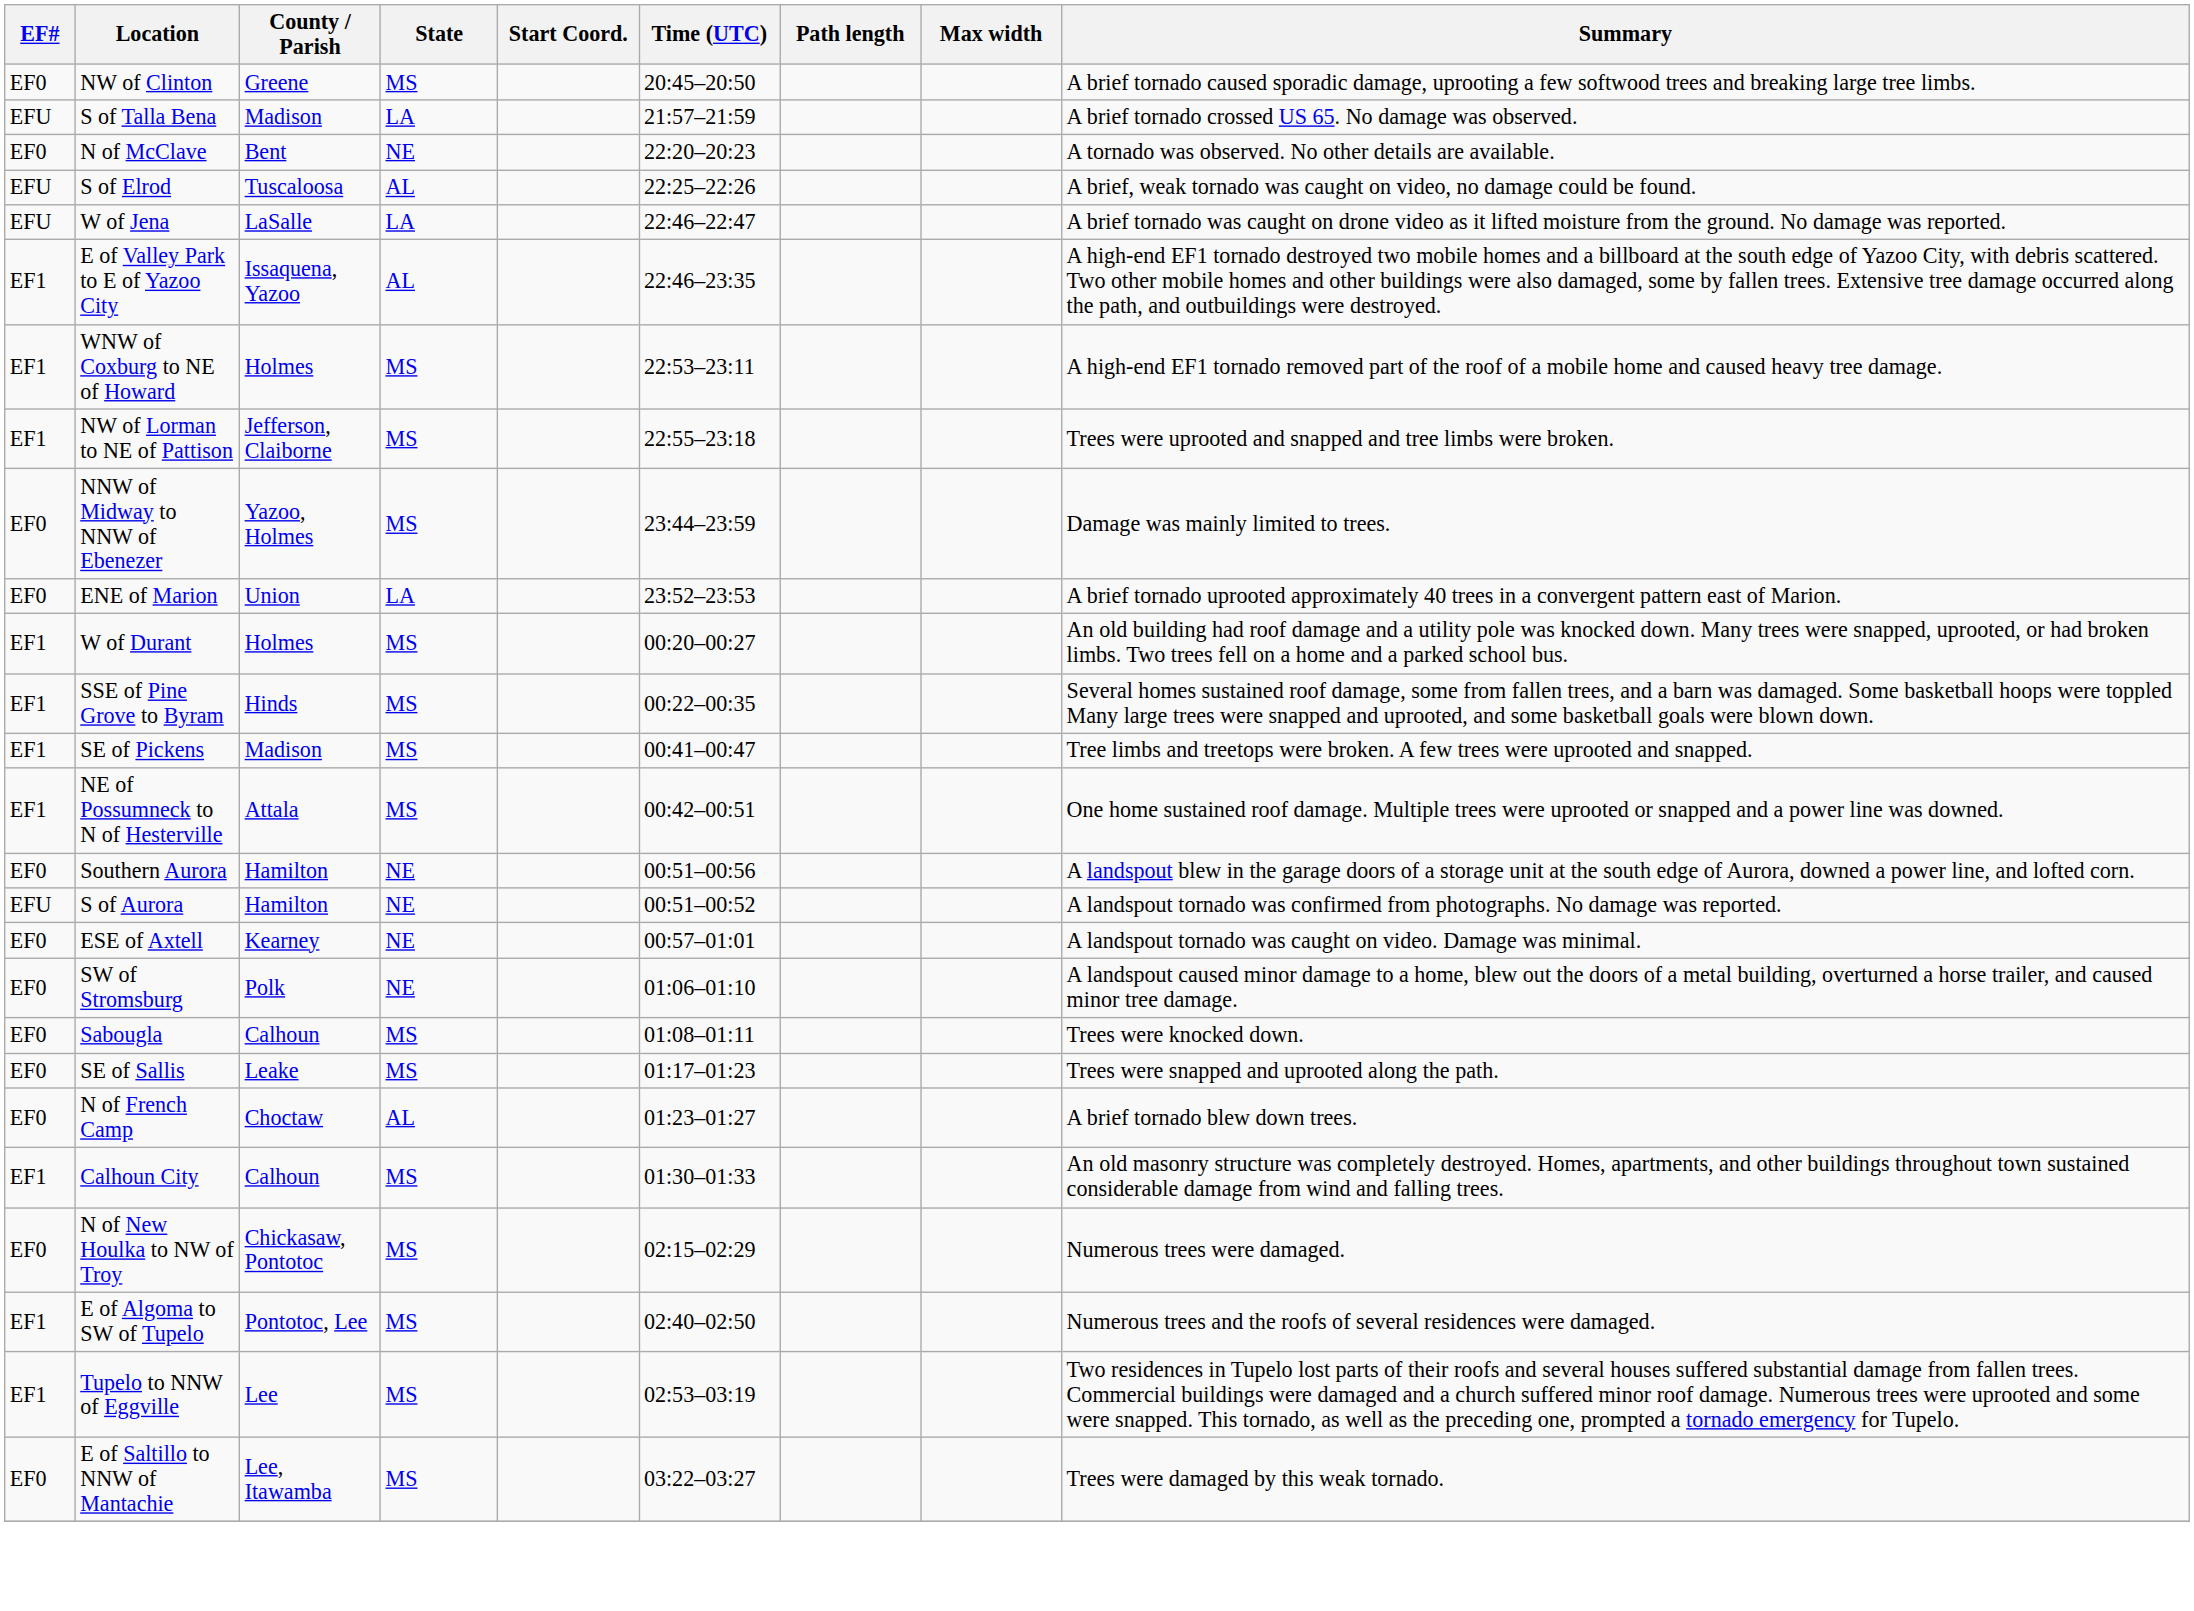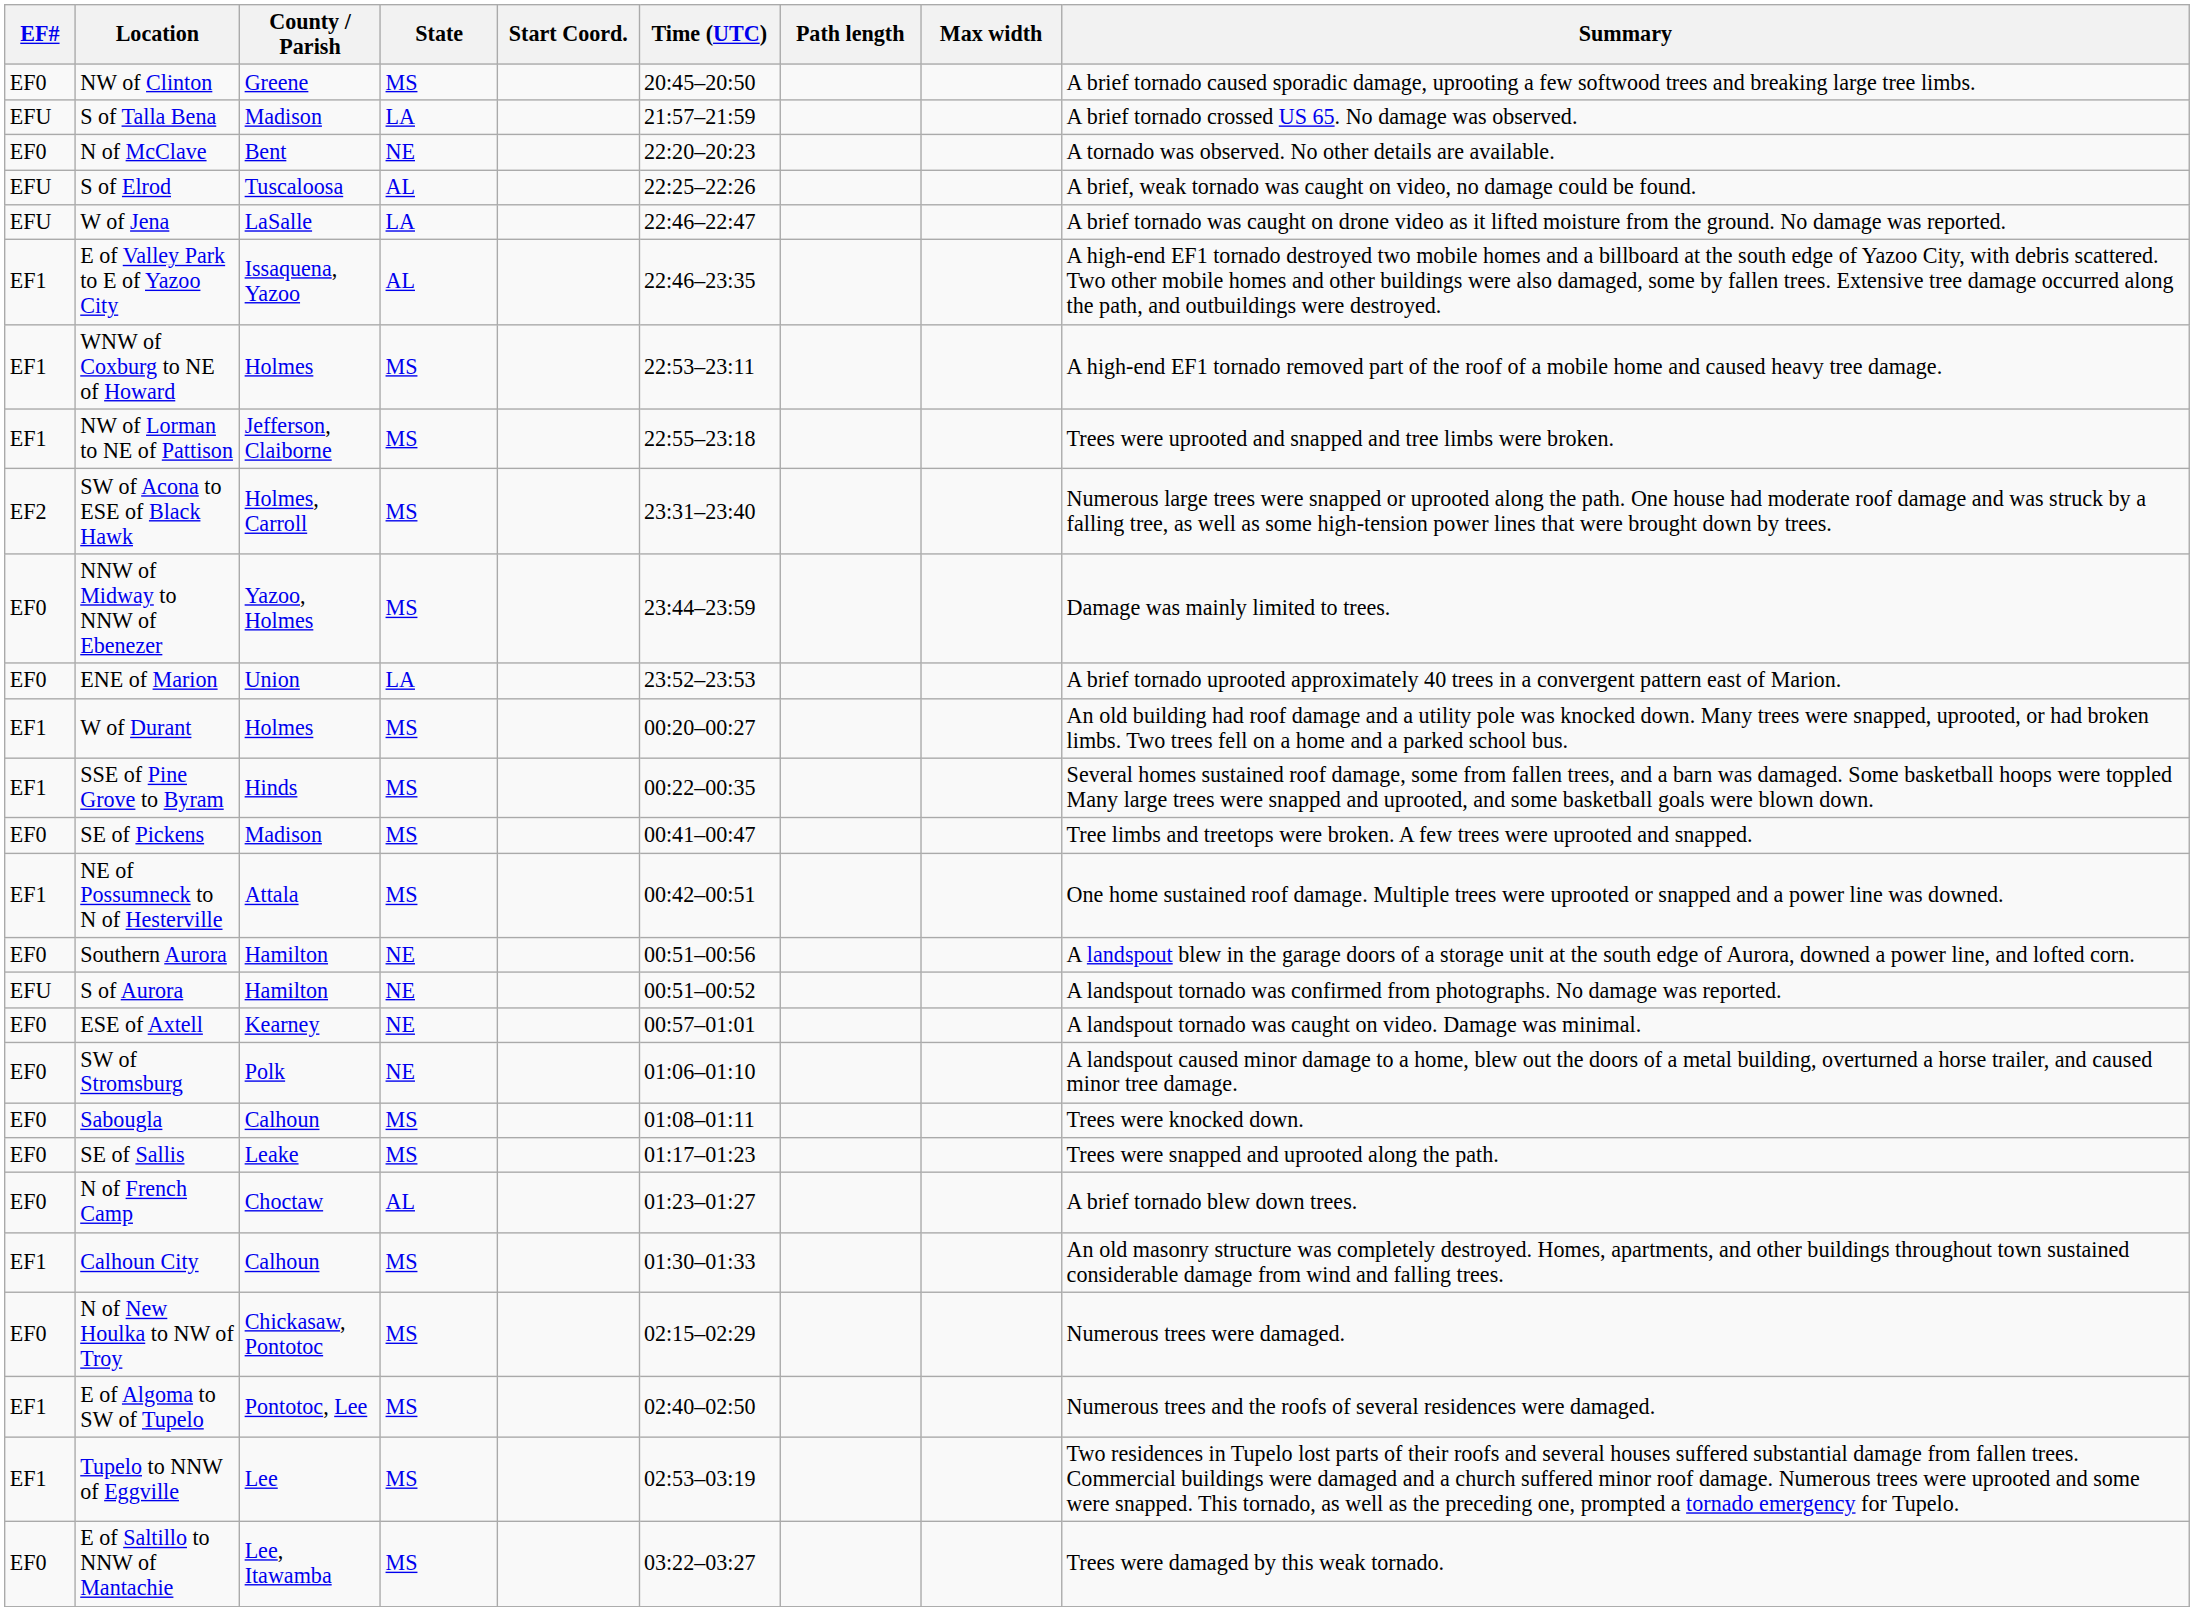 <table class="wikitable sortable" style="width:100%;">
 <tr>
 <th scope="col"  style="width:3%; text-align:center;"><a href='#'>EF#</a></th>
 <th scope="col"  style="width:7%; text-align:center;" class="unsortable">Location</th>
 <th scope="col"  style="width:6%; text-align:center;" class="unsortable">County / Parish</th>
 <th scope="col"  style="width:5%; text-align:center;">State</th>
 <th scope="col"  style="width:6%; text-align:center;">Start Coord.</th>
 <th scope="col"  style="width:6%; text-align:center;">Time (<a href='#'>UTC</a>)</th>
 <th scope="col"  style="width:6%; text-align:center;">Path length</th>
 <th scope="col"  style="width:6%; text-align:center;">Max width</th>
 <th scope="col" class="unsortable" style="width:48%; text-align:center;">Summary</th>
 </tr>
 <tr>
 <td>EF0</td>
 <td>NW of <a href='#'>Clinton</a></td>
 <td><a href='#'>Greene</a></td>
 <td><a href='#'>MS</a></td>
 <td></td>
 <td>20:45–20:50</td>
 <td></td>
 <td></td>
 <td>A brief tornado caused sporadic damage, uprooting a few softwood trees and breaking large tree limbs.</td>
 </tr>
 <tr>
 <td>EFU</td>
 <td>S of <a href='#'>Talla Bena</a></td>
 <td><a href='#'>Madison</a></td>
 <td><a href='#'>LA</a></td>
 <td></td>
 <td>21:57–21:59</td>
 <td></td>
 <td></td>
 <td>A brief tornado crossed <a href='#'>US 65</a>. No damage was observed.</td>
 </tr>
 <tr>
 <td>EF0</td>
 <td>N of <a href='#'>McClave</a></td>
 <td><a href='#'>Bent</a></td>
 <td><a href='#'>NE</a></td>
 <td></td>
 <td>22:20–20:23</td>
 <td></td>
 <td></td>
 <td>A tornado was observed. No other details are available.</td>
 </tr>
 <tr>
 <td>EFU</td>
 <td>S of <a href='#'>Elrod</a></td>
 <td><a href='#'>Tuscaloosa</a></td>
 <td><a href='#'>AL</a></td>
 <td></td>
 <td>22:25–22:26</td>
 <td></td>
 <td></td>
 <td>A brief, weak tornado was caught on video, no damage could be found.</td>
 </tr>
 <tr>
 <td>EFU</td>
 <td>W of <a href='#'>Jena</a></td>
 <td><a href='#'>LaSalle</a></td>
 <td><a href='#'>LA</a></td>
 <td></td>
 <td>22:46–22:47</td>
 <td></td>
 <td></td>
 <td>A brief tornado was caught on drone video as it lifted moisture from the ground. No damage was reported.</td>
 </tr>
 <tr>
 <td>EF1</td>
 <td>E of <a href='#'>Valley Park</a> to E of <a href='#'>Yazoo City</a></td>
 <td><a href='#'>Issaquena</a>, <a href='#'>Yazoo</a></td>
 <td><a href='#'>AL</a></td>
 <td></td>
 <td>22:46–23:35</td>
 <td></td>
 <td></td>
 <td>A high-end EF1 tornado destroyed two mobile homes and a billboard at the south edge of Yazoo City, with debris scattered. Two other mobile homes and other buildings were also damaged, some by fallen trees. Extensive tree damage occurred along the path, and outbuildings were destroyed.</td>
 </tr>
 <tr>
 <td>EF1</td>
 <td>WNW of <a href='#'>Coxburg</a> to NE of <a href='#'>Howard</a></td>
 <td><a href='#'>Holmes</a></td>
 <td><a href='#'>MS</a></td>
 <td></td>
 <td>22:53–23:11</td>
 <td></td>
 <td></td>
 <td>A high-end EF1 tornado removed part of the roof of a mobile home and caused heavy tree damage.</td>
 </tr>
 <tr>
 <td>EF1</td>
 <td>NW of <a href='#'>Lorman</a> to NE of <a href='#'>Pattison</a></td>
 <td><a href='#'>Jefferson</a>, <a href='#'>Claiborne</a></td>
 <td><a href='#'>MS</a></td>
 <td></td>
 <td>22:55–23:18</td>
 <td></td>
 <td></td>
 <td>Trees were uprooted and snapped and tree limbs were broken.</td>
 </tr>
 <tr>
+<td>EF2</td>
+<td>SW of <a href='#'>Acona</a> to ESE of <a href='#'>Black Hawk</a></td>
+<td><a href='#'>Holmes</a>, <a href='#'>Carroll</a></td>
+<td><a href='#'>MS</a></td>
+<td></td>
+<td>23:31–23:40</td>
+<td></td>
+<td></td>
+<td>Numerous large trees were snapped or uprooted along the path. One house had moderate roof damage and was struck by a falling tree, as well as some high-tension power lines that were brought down by trees.</td>
+</tr>
+<tr>
 <td>EF0</td>
 <td>NNW of <a href='#'>Midway</a> to NNW of <a href='#'>Ebenezer</a></td>
 <td><a href='#'>Yazoo</a>, <a href='#'>Holmes</a></td>
 <td><a href='#'>MS</a></td>
 <td></td>
 <td>23:44–23:59</td>
 <td></td>
 <td></td>
 <td>Damage was mainly limited to trees.</td>
 </tr>
 <tr>
 <td>EF0</td>
 <td>ENE of <a href='#'>Marion</a></td>
 <td><a href='#'>Union</a></td>
 <td><a href='#'>LA</a></td>
 <td></td>
 <td>23:52–23:53</td>
 <td></td>
 <td></td>
 <td>A brief tornado uprooted approximately 40 trees in a convergent pattern east of Marion.</td>
 </tr>
 <tr>
 <td>EF1</td>
 <td>W of <a href='#'>Durant</a></td>
 <td><a href='#'>Holmes</a></td>
 <td><a href='#'>MS</a></td>
 <td></td>
 <td>00:20–00:27</td>
 <td></td>
 <td></td>
 <td>An old building had roof damage and a utility pole was knocked down. Many trees were snapped, uprooted, or had broken limbs. Two trees fell on a home and a parked school bus.</td>
 </tr>
 <tr>
 <td>EF1</td>
 <td>SSE of <a href='#'>Pine Grove</a> to <a href='#'>Byram</a></td>
 <td><a href='#'>Hinds</a></td>
 <td><a href='#'>MS</a></td>
 <td></td>
 <td>00:22–00:35</td>
 <td></td>
 <td></td>
 <td>Several homes sustained roof damage, some from fallen trees, and a barn was damaged. Some basketball hoops were toppled Many large trees were snapped and uprooted, and some basketball goals were blown down.</td>
 </tr>
 <tr>
-<td>EF1</td>
+<td>EF0</td>
 <td>SE of <a href='#'>Pickens</a></td>
 <td><a href='#'>Madison</a></td>
 <td><a href='#'>MS</a></td>
 <td></td>
 <td>00:41–00:47</td>
 <td></td>
 <td></td>
 <td>Tree limbs and treetops were broken. A few trees were uprooted and snapped.</td>
 </tr>
 <tr>
 <td>EF1</td>
 <td>NE of <a href='#'>Possumneck</a> to N of <a href='#'>Hesterville</a></td>
 <td><a href='#'>Attala</a></td>
 <td><a href='#'>MS</a></td>
 <td></td>
 <td>00:42–00:51</td>
 <td></td>
 <td></td>
 <td>One home sustained roof damage. Multiple trees were uprooted or snapped and a power line was downed.</td>
 </tr>
 <tr>
 <td>EF0</td>
 <td>Southern <a href='#'>Aurora</a></td>
 <td><a href='#'>Hamilton</a></td>
 <td><a href='#'>NE</a></td>
 <td></td>
 <td>00:51–00:56</td>
 <td></td>
 <td></td>
 <td>A <a href='#'>landspout</a> blew in the garage doors of a storage unit at the south edge of Aurora, downed a power line, and lofted corn.</td>
 </tr>
 <tr>
 <td>EFU</td>
 <td>S of <a href='#'>Aurora</a></td>
 <td><a href='#'>Hamilton</a></td>
 <td><a href='#'>NE</a></td>
 <td></td>
 <td>00:51–00:52</td>
 <td></td>
 <td></td>
 <td>A landspout tornado was confirmed from photographs. No damage was reported.</td>
 </tr>
 <tr>
 <td>EF0</td>
 <td>ESE of <a href='#'>Axtell</a></td>
 <td><a href='#'>Kearney</a></td>
 <td><a href='#'>NE</a></td>
 <td></td>
 <td>00:57–01:01</td>
 <td></td>
 <td></td>
 <td>A landspout tornado was caught on video. Damage was minimal.</td>
 </tr>
 <tr>
 <td>EF0</td>
 <td>SW of <a href='#'>Stromsburg</a></td>
 <td><a href='#'>Polk</a></td>
 <td><a href='#'>NE</a></td>
 <td></td>
 <td>01:06–01:10</td>
 <td></td>
 <td></td>
 <td>A landspout caused minor damage to a home, blew out the doors of a metal building, overturned a horse trailer, and caused minor tree damage.</td>
 </tr>
 <tr>
 <td>EF0</td>
 <td><a href='#'>Sabougla</a></td>
 <td><a href='#'>Calhoun</a></td>
 <td><a href='#'>MS</a></td>
 <td></td>
 <td>01:08–01:11</td>
 <td></td>
 <td></td>
 <td>Trees were knocked down.</td>
 </tr>
 <tr>
 <td>EF0</td>
 <td>SE of <a href='#'>Sallis</a></td>
 <td><a href='#'>Leake</a></td>
 <td><a href='#'>MS</a></td>
 <td></td>
 <td>01:17–01:23</td>
 <td></td>
 <td></td>
 <td>Trees were snapped and uprooted along the path.</td>
 </tr>
 <tr>
 <td>EF0</td>
 <td>N of <a href='#'>French Camp</a></td>
 <td><a href='#'>Choctaw</a></td>
 <td><a href='#'>AL</a></td>
 <td></td>
 <td>01:23–01:27</td>
 <td></td>
 <td></td>
 <td>A brief tornado blew down trees.</td>
 </tr>
 <tr>
 <td>EF1</td>
 <td><a href='#'>Calhoun City</a></td>
 <td><a href='#'>Calhoun</a></td>
 <td><a href='#'>MS</a></td>
 <td></td>
 <td>01:30–01:33</td>
 <td></td>
 <td></td>
 <td>An old masonry structure was completely destroyed. Homes, apartments, and other buildings throughout town sustained considerable damage from wind and falling trees.</td>
 </tr>
 <tr>
 <td>EF0</td>
 <td>N of <a href='#'>New Houlka</a> to NW of <a href='#'>Troy</a></td>
 <td><a href='#'>Chickasaw</a>, <a href='#'>Pontotoc</a></td>
 <td><a href='#'>MS</a></td>
 <td></td>
 <td>02:15–02:29</td>
 <td></td>
 <td></td>
 <td>Numerous trees were damaged.</td>
 </tr>
 <tr>
 <td>EF1</td>
 <td>E of <a href='#'>Algoma</a> to SW of <a href='#'>Tupelo</a></td>
 <td><a href='#'>Pontotoc</a>, <a href='#'>Lee</a></td>
 <td><a href='#'>MS</a></td>
 <td></td>
 <td>02:40–02:50</td>
 <td></td>
 <td></td>
 <td>Numerous trees and the roofs of several residences were damaged.</td>
 </tr>
 <tr>
 <td>EF1</td>
 <td><a href='#'>Tupelo</a> to NNW of <a href='#'>Eggville</a></td>
 <td><a href='#'>Lee</a></td>
 <td><a href='#'>MS</a></td>
 <td></td>
 <td>02:53–03:19</td>
 <td></td>
 <td></td>
 <td>Two residences in Tupelo lost parts of their roofs and several houses suffered substantial damage from fallen trees. Commercial buildings were damaged and a church suffered minor roof damage. Numerous trees were uprooted and some were snapped. This tornado, as well as the preceding one, prompted a <a href='#'>tornado emergency</a> for Tupelo.</td>
 </tr>
 <tr>
 <td>EF0</td>
 <td>E of <a href='#'>Saltillo</a> to NNW of <a href='#'>Mantachie</a></td>
 <td><a href='#'>Lee</a>, <a href='#'>Itawamba</a></td>
 <td><a href='#'>MS</a></td>
 <td></td>
 <td>03:22–03:27</td>
 <td></td>
 <td></td>
 <td>Trees were damaged by this weak tornado.</td>
 </tr>
 <tr>
 </tr>
 </table>
